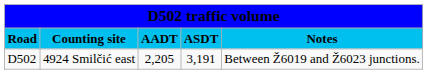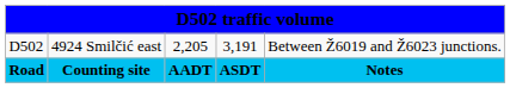 <table class="wikitable">
 <tr>
 <td colspan=5 bgcolor=blue align=center style=margin-top:15><span><big><strong>D502 traffic volume</strong></big></span></td>
+</tr>
+<tr>
+<td> D502</td>
+<td>4924 Smilčić east</td>
+<td align=center>2,205</td>
+<td align=center>3,191</td>
+<td>Between Ž6019 and Ž6023 junctions.</td>
 </tr>
 <tr>
 <td align=center bgcolor=00c0f0><strong>Road</strong></td>
 <td align=center bgcolor=00c0f0><strong>Counting site</strong></td>
 <td align=center bgcolor=00c0f0><strong>AADT</strong></td>
 <td align=center bgcolor=00c0f0><strong>ASDT</strong></td>
 <td align=center bgcolor=00c0f0><strong>Notes</strong></td>
 </tr>
-<tr>
-<td> D502</td>
-<td>4924 Smilčić east</td>
-<td align=center>2,205</td>
-<td align=center>3,191</td>
-<td>Between Ž6019 and Ž6023 junctions.</td>
-</tr>
 </table>
